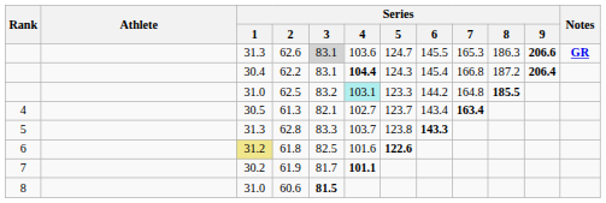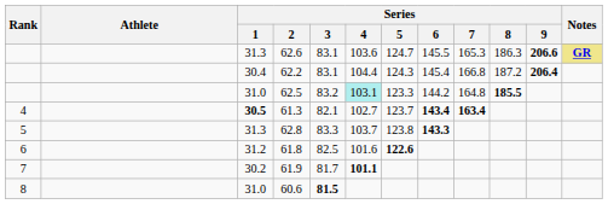 <table class="wikitable" style="text-align:center">
 <tr>
 <th rowspan=2 width=40>Rank</th>
 <th rowspan=2 width=250>Athlete</th>
 <th colspan=9>Series</th>
 <th rowspan=2 width=45>Notes</th>
 </tr>
 <tr>
 <th width=40>1</th>
 <th width=40>2</th>
 <th width=40>3</th>
 <th width=40>4</th>
 <th width=40>5</th>
 <th width=40>6</th>
 <th width=40>7</th>
 <th width=40>8</th>
 <th width=40>9</th>
 </tr>
 <tr>
 <td></td>
 <td align=left></td>
 <td>31.3</td>
 <td>62.6</td>
-<td style="background: lightgrey;">83.1</td>
+<td>83.1</td>
 <td>103.6</td>
 <td>124.7</td>
 <td>145.5</td>
 <td>165.3</td>
 <td>186.3</td>
 <td><strong>206.6</strong></td>
-<td><strong><a href='#'>GR</a></strong></td>
+<td style="background: khaki;"><strong><a href='#'>GR</a></strong></td>
 </tr>
 <tr>
 <td></td>
 <td align=left></td>
 <td>30.4</td>
 <td>62.2</td>
 <td>83.1</td>
-<td><strong>104.4</strong></td>
+<td>104.4</td>
 <td>124.3</td>
 <td>145.4</td>
 <td>166.8</td>
 <td>187.2</td>
 <td><strong>206.4</strong></td>
 <td></td>
 </tr>
 <tr>
 <td></td>
 <td align=left></td>
 <td>31.0</td>
 <td>62.5</td>
 <td>83.2</td>
 <td style="background: paleturquoise;">103.1</td>
 <td>123.3</td>
 <td>144.2</td>
 <td>164.8</td>
 <td><strong>185.5</strong></td>
 <td></td>
 <td></td>
 </tr>
 <tr>
 <td>4</td>
 <td align=left></td>
-<td>30.5</td>
+<td><strong>30.5</strong></td>
 <td>61.3</td>
 <td>82.1</td>
 <td>102.7</td>
 <td>123.7</td>
-<td>143.4</td>
+<td><strong>143.4</strong></td>
 <td><strong>163.4</strong></td>
 <td></td>
 <td></td>
 <td></td>
 </tr>
 <tr>
 <td>5</td>
 <td align=left></td>
 <td>31.3</td>
 <td>62.8</td>
 <td>83.3</td>
 <td>103.7</td>
 <td>123.8</td>
 <td><strong>143.3</strong></td>
 <td></td>
 <td></td>
 <td></td>
 <td></td>
 </tr>
 <tr>
 <td>6</td>
 <td align=left></td>
-<td style="background: khaki;">31.2</td>
+<td>31.2</td>
 <td>61.8</td>
 <td>82.5</td>
 <td>101.6</td>
 <td><strong>122.6</strong></td>
 <td></td>
 <td></td>
 <td></td>
 <td></td>
 <td></td>
 </tr>
 <tr>
 <td>7</td>
 <td align=left></td>
 <td>30.2</td>
 <td>61.9</td>
 <td>81.7</td>
 <td><strong>101.1</strong></td>
 <td></td>
 <td></td>
 <td></td>
 <td></td>
 <td></td>
 <td></td>
 </tr>
 <tr>
 <td>8</td>
 <td align=left></td>
 <td>31.0</td>
 <td>60.6</td>
 <td><strong>81.5</strong></td>
 <td></td>
 <td></td>
 <td></td>
 <td></td>
 <td></td>
 <td></td>
 <td></td>
 </tr>
 </table>
